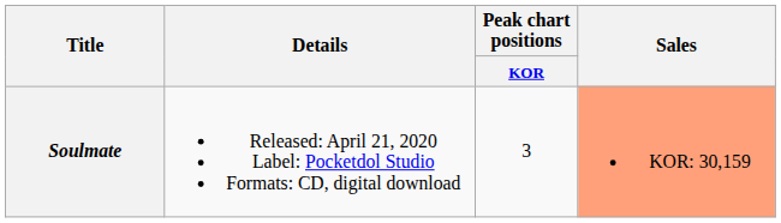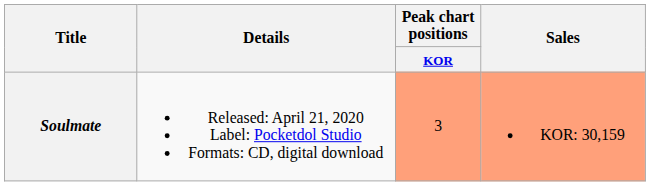 <table class="wikitable plainrowheaders" style="text-align:center;">
 <tr>
 <th scope="col" rowspan="2" style="width:8em;">Title</th>
 <th scope="col" rowspan="2" style="width:16em;">Details</th>
 <th scope="col" colspan="1" style="width:5em;">Peak chart positions</th>
 <th scope="col" rowspan="2" style="width:10em;">Sales</th>
 </tr>
 <tr>
 <th><small><a href='#'>KOR</a></small><br></th>
 </tr>
 <tr>
 <th scope="row"><em>Soulmate</em></th>
 <td><br><ul><li>Released: April 21, 2020</li><li>Label: <a href='#'>Pocketdol Studio</a></li><li>Formats: CD, digital download</li></ul></td>
-<td>3</td>
+<td style="background: lightsalmon;">3</td>
 <td style="background: lightsalmon;"><br><ul><li>KOR: 30,159</li></ul></td>
 </tr>
 </table>
